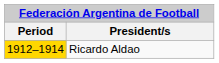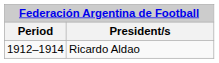 <table class="wikitable">
 <tr>
 <td colspan=2 style="background:#cccccc; text-align:center;"><strong><a href='#'>Federación Argentina de Football</a></strong></td>
 </tr>
 <tr>
 <th width= px>Period</th>
 <th width=200px>President/s</th>
 </tr>
 <tr>
-<td style="background: gold;">1912–1914</td>
+<td>1912–1914</td>
 <td>Ricardo Aldao</td>
 </tr>
 </table>
